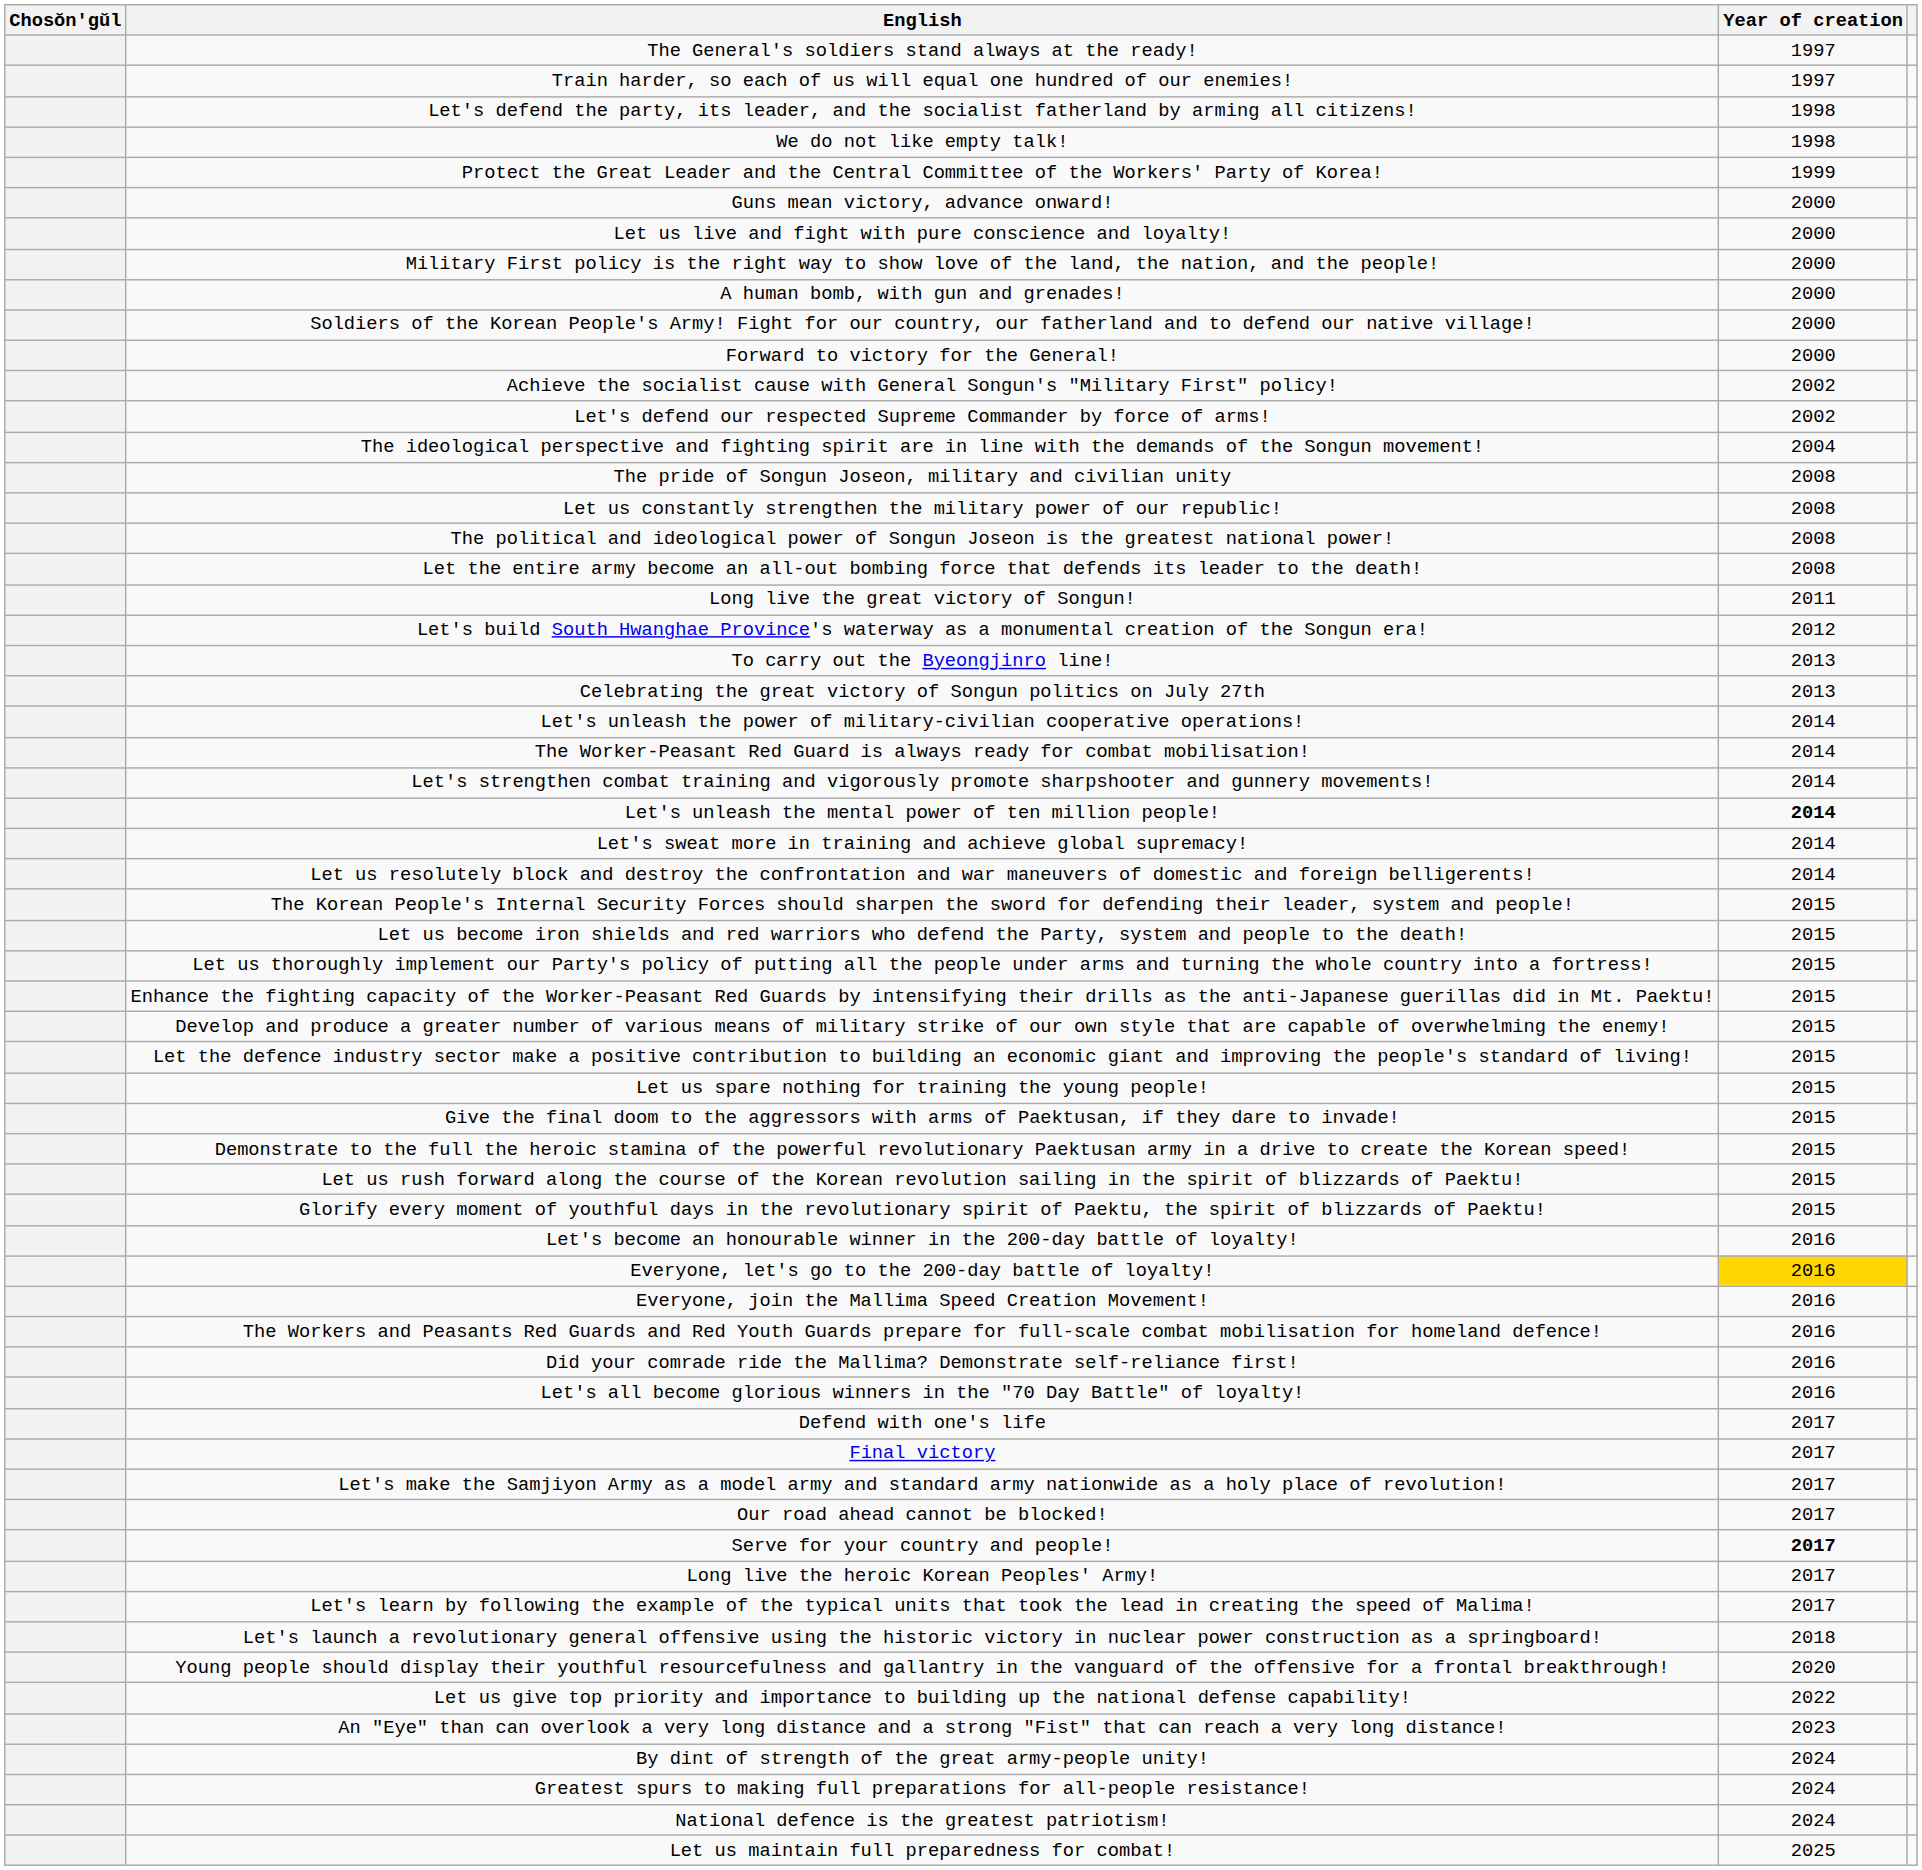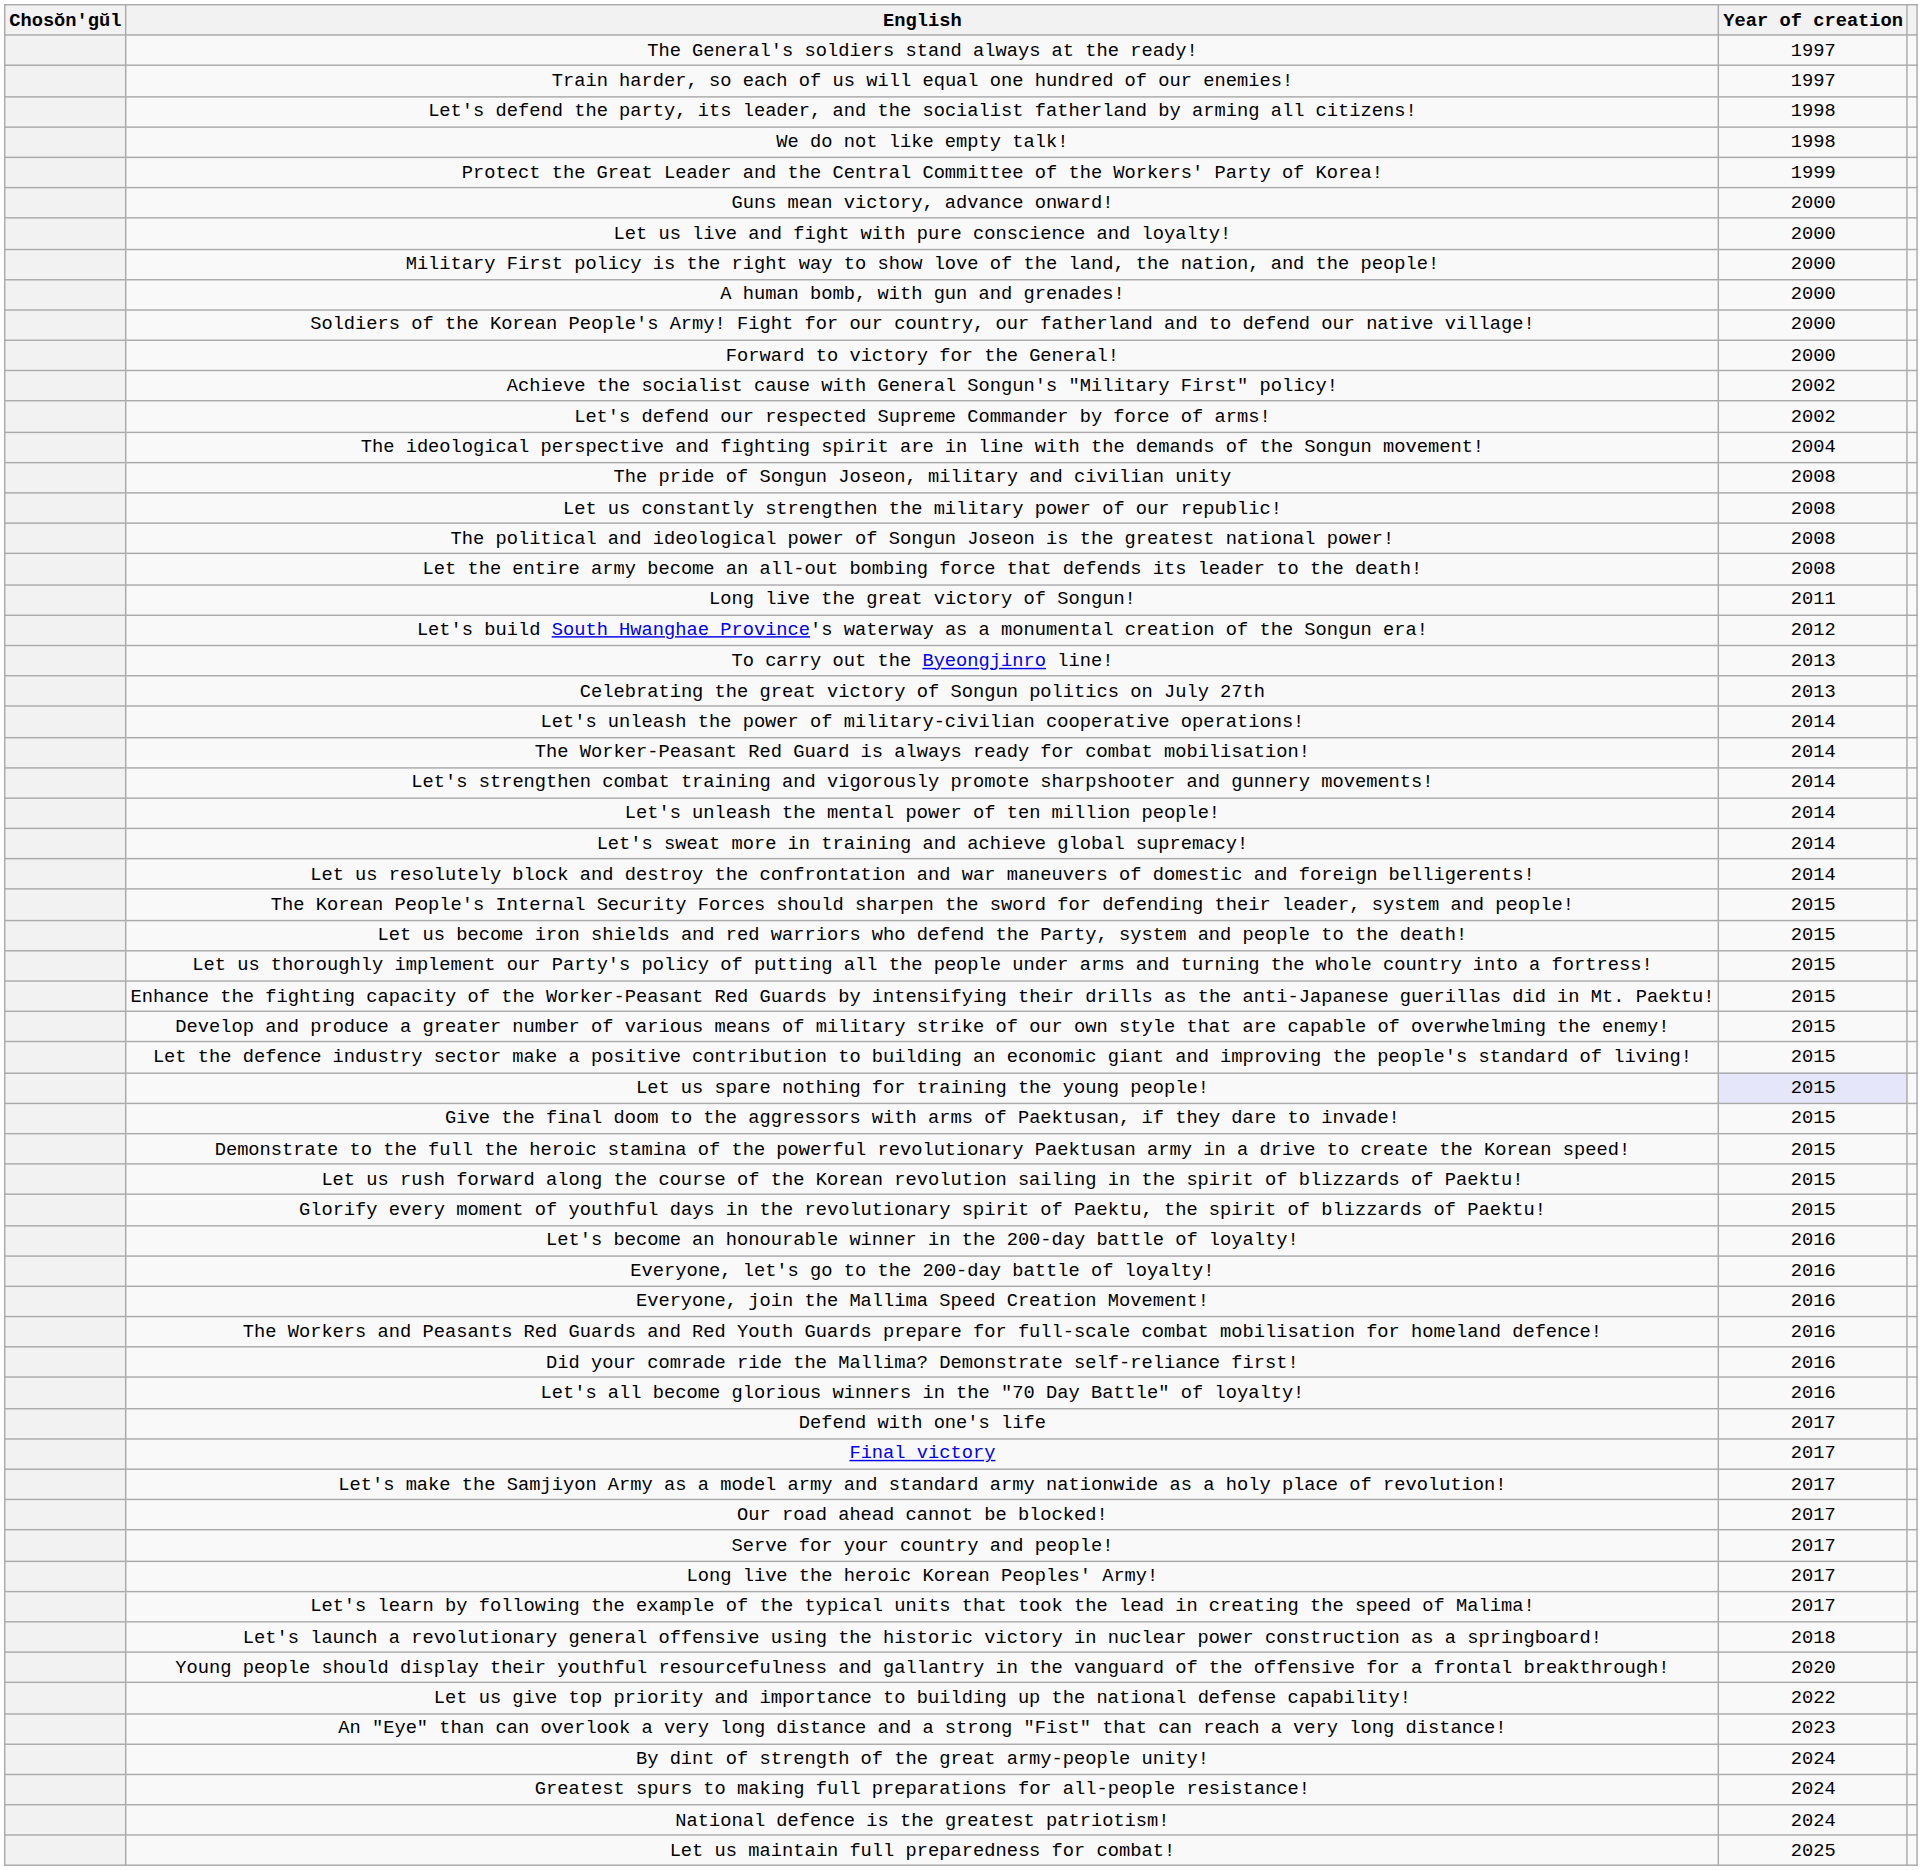 <table class="wikitable sortable" style="text-align: center;">
 <tr>
 <th scope="col">Chosŏn'gŭl</th>
 <th scope="col">English</th>
 <th scope="col">Year of creation</th>
 <th scope="col" class="unsortable"></th>
 </tr>
 <tr>
 <th scope="row"></th>
 <td>The General's soldiers stand always at the ready!</td>
 <td>1997</td>
 <td></td>
 </tr>
 <tr>
 <th scope="row"></th>
 <td>Train harder, so each of us will equal one hundred of our enemies!</td>
 <td>1997</td>
 <td></td>
 </tr>
 <tr>
 <th scope="row"></th>
 <td>Let's defend the party, its leader, and the socialist fatherland by arming all citizens!</td>
 <td>1998</td>
 <td></td>
 </tr>
 <tr>
 <th scope="row"></th>
 <td>We do not like empty talk!</td>
 <td>1998</td>
 <td></td>
 </tr>
 <tr>
 <th scope="row"></th>
 <td>Protect the Great Leader and the Central Committee of the Workers' Party of Korea!</td>
 <td>1999</td>
 <td></td>
 </tr>
 <tr>
 <th scope="row"></th>
 <td>Guns mean victory, advance onward!</td>
 <td>2000</td>
 <td></td>
 </tr>
 <tr>
 <th scope="row"></th>
 <td>Let us live and fight with pure conscience and loyalty!</td>
 <td>2000</td>
 <td></td>
 </tr>
 <tr>
 <th scope="row"></th>
 <td>Military First policy is the right way to show love of the land, the nation, and the people!</td>
 <td>2000</td>
 <td></td>
 </tr>
 <tr>
 <th scope="row"></th>
 <td>A human bomb, with gun and grenades!</td>
 <td>2000</td>
 <td></td>
 </tr>
 <tr>
 <th scope="row"></th>
 <td>Soldiers of the Korean People's Army! Fight for our country, our fatherland and to defend our native village!</td>
 <td>2000</td>
 <td></td>
 </tr>
 <tr>
 <th scope="row"></th>
 <td>Forward to victory for the General!</td>
 <td>2000</td>
 <td></td>
 </tr>
 <tr>
 <th scope="row"></th>
 <td>Achieve the socialist cause with General Songun's "Military First" policy!</td>
 <td>2002</td>
 <td></td>
 </tr>
 <tr>
 <th scope="row"></th>
 <td>Let's defend our respected Supreme Commander by force of arms!</td>
 <td>2002</td>
 <td></td>
 </tr>
 <tr>
 <th scope="row"></th>
 <td>The ideological perspective and fighting spirit are in line with the demands of the Songun movement!</td>
 <td>2004</td>
 <td></td>
 </tr>
 <tr>
 <th scope="row"></th>
 <td>The pride of Songun Joseon, military and civilian unity</td>
 <td>2008</td>
 <td></td>
 </tr>
 <tr>
 <th scope="row"></th>
 <td>Let us constantly strengthen the military power of our republic!</td>
 <td>2008</td>
 <td></td>
 </tr>
 <tr>
 <th scope="row"></th>
 <td>The political and ideological power of Songun Joseon is the greatest national power!</td>
 <td>2008</td>
 <td></td>
 </tr>
 <tr>
 <th scope="row"></th>
 <td>Let the entire army become an all-out bombing force that defends its leader to the death!</td>
 <td>2008</td>
 <td></td>
 </tr>
 <tr>
 <th scope="row"></th>
 <td>Long live the great victory of Songun!</td>
 <td>2011</td>
 <td></td>
 </tr>
 <tr>
 <th scope="row"></th>
 <td>Let's build <a href='#'>South Hwanghae Province</a>'s waterway as a monumental creation of the Songun era!</td>
 <td>2012</td>
 <td></td>
 </tr>
 <tr>
 <th scope="row"></th>
 <td>To carry out the <a href='#'>Byeongjinro</a> line!</td>
 <td>2013</td>
 <td></td>
 </tr>
 <tr>
 <th scope="row"></th>
 <td>Celebrating the great victory of Songun politics on July 27th</td>
 <td>2013</td>
 <td></td>
 </tr>
 <tr>
 <th scope="row"></th>
 <td>Let's unleash the power of military-civilian cooperative operations!</td>
 <td>2014</td>
 <td></td>
 </tr>
 <tr>
 <th scope="row"></th>
 <td>The Worker-Peasant Red Guard is always ready for combat mobilisation!</td>
 <td>2014</td>
 <td></td>
 </tr>
 <tr>
 <th scope="row"></th>
 <td>Let's strengthen combat training and vigorously promote sharpshooter and gunnery movements!</td>
 <td>2014</td>
 <td></td>
 </tr>
 <tr>
 <th scope="row"></th>
 <td>Let's unleash the mental power of ten million people!</td>
-<td><strong>2014</strong></td>
+<td>2014</td>
 <td></td>
 </tr>
 <tr>
 <th scope="row"></th>
 <td>Let's sweat more in training and achieve global supremacy!</td>
 <td>2014</td>
 <td></td>
 </tr>
 <tr>
 <th scope="row"></th>
 <td>Let us resolutely block and destroy the confrontation and war maneuvers of domestic and foreign belligerents!</td>
 <td>2014</td>
 <td></td>
 </tr>
 <tr>
 <th scope="row"></th>
 <td>The Korean People's Internal Security Forces should sharpen the sword for defending their leader, system and people!</td>
 <td>2015</td>
 <td></td>
 </tr>
 <tr>
 <th scope="row"></th>
 <td>Let us become iron shields and red warriors who defend the Party, system and people to the death!</td>
 <td>2015</td>
 <td></td>
 </tr>
 <tr>
 <th scope="row"></th>
 <td>Let us thoroughly implement our Party's policy of putting all the people under arms and turning the whole country into a fortress!</td>
 <td>2015</td>
 <td></td>
 </tr>
 <tr>
 <th scope="row"></th>
 <td>Enhance the fighting capacity of the Worker-Peasant Red Guards by intensifying their drills as the anti-Japanese guerillas did in Mt. Paektu!</td>
 <td>2015</td>
 <td></td>
 </tr>
 <tr>
 <th scope="row"></th>
 <td>Develop and produce a greater number of various means of military strike of our own style that are capable of overwhelming the enemy!</td>
 <td>2015</td>
 <td></td>
 </tr>
 <tr>
 <th scope="row"></th>
 <td>Let the defence industry sector make a positive contribution to building an economic giant and improving the people's standard of living!</td>
 <td>2015</td>
 <td></td>
 </tr>
 <tr>
 <th scope="row"></th>
 <td>Let us spare nothing for training the young people!</td>
-<td>2015</td>
+<td style="background: lavender;">2015</td>
 <td></td>
 </tr>
 <tr>
 <th scope="row"></th>
 <td>Give the final doom to the aggressors with arms of Paektusan, if they dare to invade!</td>
 <td>2015</td>
 <td></td>
 </tr>
 <tr>
 <th scope="row"></th>
 <td>Demonstrate to the full the heroic stamina of the powerful revolutionary Paektusan army in a drive to create the Korean speed!</td>
 <td>2015</td>
 <td></td>
 </tr>
 <tr>
 <th scope="row"></th>
 <td>Let us rush forward along the course of the Korean revolution sailing in the spirit of blizzards of Paektu!</td>
 <td>2015</td>
 <td></td>
 </tr>
 <tr>
 <th scope="row"></th>
 <td>Glorify every moment of youthful days in the revolutionary spirit of Paektu, the spirit of blizzards of Paektu!</td>
 <td>2015</td>
 <td></td>
 </tr>
 <tr>
 <th scope="row"></th>
 <td>Let's become an honourable winner in the 200-day battle of loyalty!</td>
 <td>2016</td>
 <td></td>
 </tr>
 <tr>
 <th scope="row"></th>
 <td>Everyone, let's go to the 200-day battle of loyalty!</td>
-<td style="background: gold;">2016</td>
+<td>2016</td>
 <td></td>
 </tr>
 <tr>
 <th scope="row"></th>
 <td>Everyone, join the Mallima Speed Creation Movement!</td>
 <td>2016</td>
 <td></td>
 </tr>
 <tr>
 <th scope="row"></th>
 <td>The Workers and Peasants Red Guards and Red Youth Guards prepare for full-scale combat mobilisation for homeland defence!</td>
 <td>2016</td>
 <td></td>
 </tr>
 <tr>
 <th scope="row"></th>
 <td>Did your comrade ride the Mallima? Demonstrate self-reliance first!</td>
 <td>2016</td>
 <td></td>
 </tr>
 <tr>
 <th scope="row"></th>
 <td>Let's all become glorious winners in the "70 Day Battle" of loyalty!</td>
 <td>2016</td>
 <td></td>
 </tr>
 <tr>
 <th scope="row"></th>
 <td>Defend with one's life</td>
 <td>2017</td>
 <td></td>
 </tr>
 <tr>
 <th scope="row"></th>
 <td><a href='#'>Final victory</a></td>
 <td>2017</td>
 <td></td>
 </tr>
 <tr>
 <th scope="row"></th>
 <td>Let's make the Samjiyon Army as a model army and standard army nationwide as a holy place of revolution!</td>
 <td>2017</td>
 <td></td>
 </tr>
 <tr>
 <th scope="row"></th>
 <td>Our road ahead cannot be blocked!</td>
 <td>2017</td>
 <td></td>
 </tr>
 <tr>
 <th scope="row"></th>
 <td>Serve for your country and people!</td>
-<td><strong>2017</strong></td>
+<td>2017</td>
 <td></td>
 </tr>
 <tr>
 <th scope="row"></th>
 <td>Long live the heroic Korean Peoples' Army!</td>
 <td>2017</td>
 <td></td>
 </tr>
 <tr>
 <th scope="row"></th>
 <td>Let's learn by following the example of the typical units that took the lead in creating the speed of Malima!</td>
 <td>2017</td>
 <td></td>
 </tr>
 <tr>
 <th scope="row"></th>
 <td>Let's launch a revolutionary general offensive using the historic victory in nuclear power construction as a springboard!</td>
 <td>2018</td>
 <td></td>
 </tr>
 <tr>
 <th scope="row"></th>
 <td>Young people should display their youthful resourcefulness and gallantry in the vanguard of the offensive for a frontal breakthrough!</td>
 <td>2020</td>
 <td></td>
 </tr>
 <tr>
 <th scope="row"></th>
 <td>Let us give top priority and importance to building up the national defense capability!</td>
 <td>2022</td>
 <td></td>
 </tr>
 <tr>
 <th scope="row"></th>
 <td>An "Eye" than can overlook a very long distance and a strong "Fist" that can reach a very long distance!</td>
 <td>2023</td>
 <td></td>
 </tr>
 <tr>
 <th scope="row"></th>
 <td>By dint of strength of the great army-people unity!</td>
 <td>2024</td>
 <td></td>
 </tr>
 <tr>
 <th scope="row"></th>
 <td>Greatest spurs to making full preparations for all-people resistance!</td>
 <td>2024</td>
 <td></td>
 </tr>
 <tr>
 <th scope="row"></th>
 <td>National defence is the greatest patriotism!</td>
 <td>2024</td>
 <td></td>
 </tr>
 <tr>
 <th scope="row"></th>
 <td>Let us maintain full preparedness for combat!</td>
 <td>2025</td>
 <td></td>
 </tr>
 </table>
